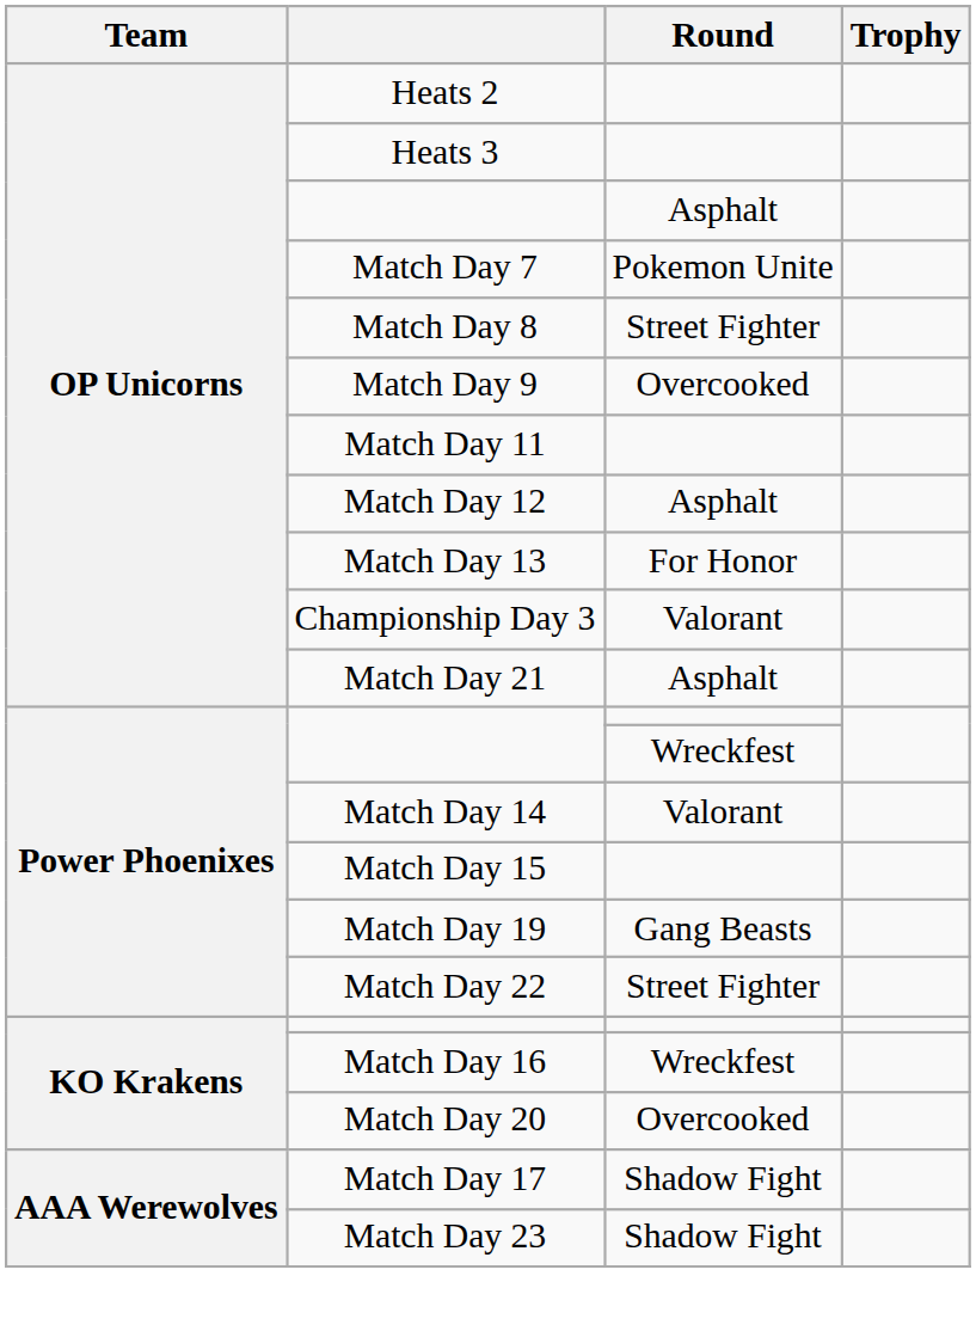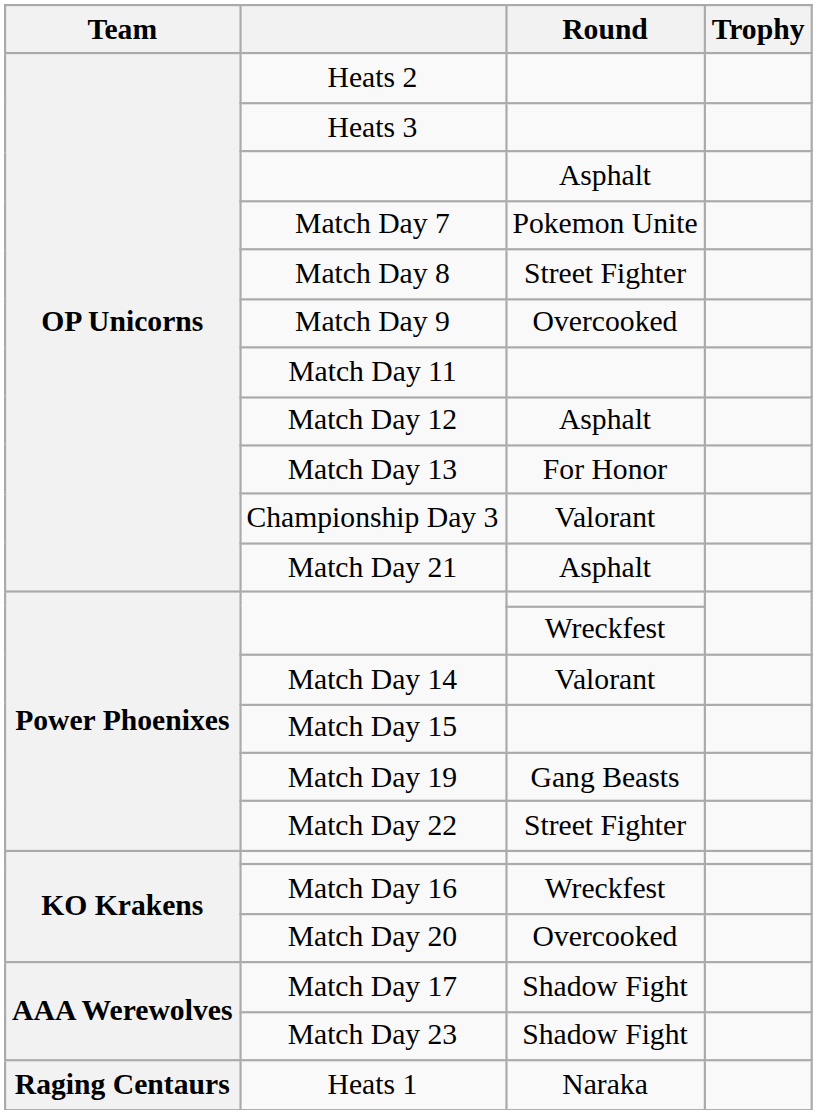 <table class="wikitable" style="text-align:center; font-size:85%;">
 <tr>
 <th>Team</th>
 <th></th>
 <th>Round</th>
 <th>Trophy</th>
 </tr>
 <tr>
 <th rowspan="11">OP Unicorns</th>
 <td>Heats 2</td>
 <td></td>
 <td></td>
 </tr>
 <tr>
 <td>Heats 3</td>
 <td></td>
 <td></td>
 </tr>
 <tr>
 <td></td>
 <td>Asphalt</td>
 <td></td>
 </tr>
 <tr>
 <td>Match Day 7</td>
 <td>Pokemon Unite</td>
 <td></td>
 </tr>
 <tr>
 <td>Match Day 8</td>
 <td>Street Fighter</td>
 <td></td>
 </tr>
 <tr>
 <td>Match Day 9</td>
 <td>Overcooked</td>
 <td></td>
 </tr>
 <tr>
 <td>Match Day 11</td>
 <td></td>
 <td></td>
 </tr>
 <tr>
 <td>Match Day 12</td>
 <td>Asphalt</td>
 <td></td>
 </tr>
 <tr>
 <td>Match Day 13</td>
 <td>For Honor</td>
 <td></td>
 </tr>
 <tr>
 <td>Championship Day 3</td>
 <td>Valorant</td>
 <td></td>
 </tr>
 <tr>
 <td>Match Day 21</td>
 <td>Asphalt</td>
 <td></td>
 </tr>
 <tr>
 <th rowspan="6">Power Phoenixes</th>
 <td rowspan="2"></td>
 <td></td>
 <td rowspan="2"></td>
 </tr>
 <tr>
 <td>Wreckfest</td>
 </tr>
 <tr>
 <td>Match Day 14</td>
 <td>Valorant</td>
 <td></td>
 </tr>
 <tr>
 <td>Match Day 15</td>
 <td></td>
 <td></td>
 </tr>
 <tr>
 <td>Match Day 19</td>
 <td>Gang Beasts</td>
 <td></td>
 </tr>
 <tr>
 <td>Match Day 22</td>
 <td>Street Fighter</td>
 <td></td>
 </tr>
 <tr>
 <th rowspan="3">KO Krakens</th>
 <td></td>
 <td></td>
 <td></td>
 </tr>
 <tr>
 <td>Match Day 16</td>
 <td>Wreckfest</td>
 <td></td>
 </tr>
 <tr>
 <td>Match Day 20</td>
 <td>Overcooked</td>
 <td></td>
 </tr>
 <tr>
 <th rowspan="2">AAA Werewolves</th>
 <td>Match Day 17</td>
 <td>Shadow Fight</td>
 <td></td>
 </tr>
 <tr>
 <td>Match Day 23</td>
 <td>Shadow Fight</td>
 <td></td>
 </tr>
 <tr>
+<th>Raging Centaurs</th>
+<td>Heats 1</td>
+<td>Naraka</td>
+<td></td>
+</tr>
+<tr>
 </tr>
 </table>
